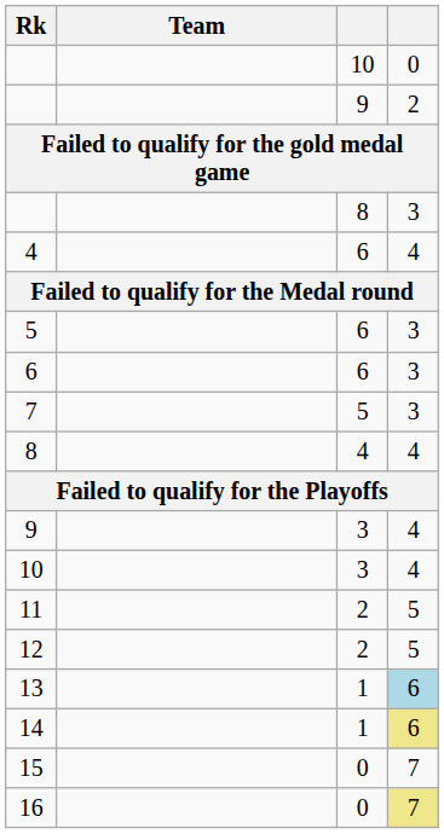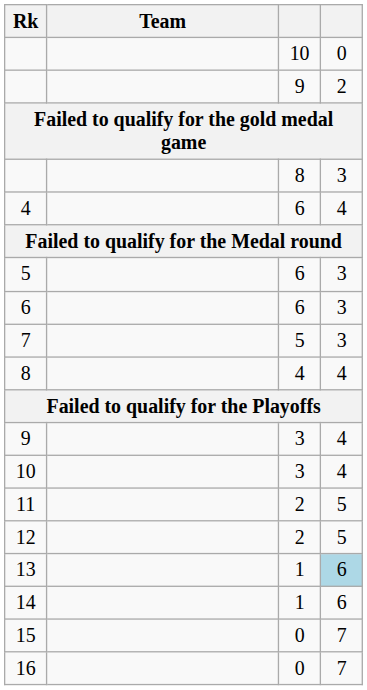 <table class=wikitable style="text-align:center; font-size:95%">
 <tr>
 <th width=25>Rk</th>
 <th width=170>Team</th>
 <th width=25></th>
 <th width=25></th>
 </tr>
 <tr>
 <td></td>
 <td align=left></td>
 <td>10</td>
 <td>0</td>
 </tr>
 <tr>
 <td></td>
 <td align=left></td>
 <td>9</td>
 <td>2</td>
 </tr>
 <tr>
 <th colspan="4">Failed to qualify for the gold medal game</th>
 </tr>
 <tr>
 <td></td>
 <td align=left></td>
 <td>8</td>
 <td>3</td>
 </tr>
 <tr>
 <td>4</td>
 <td align=left></td>
 <td>6</td>
 <td>4</td>
 </tr>
 <tr>
 <th colspan="4">Failed to qualify for the Medal round</th>
 </tr>
 <tr>
 <td>5</td>
 <td align=left></td>
 <td>6</td>
 <td>3</td>
 </tr>
 <tr>
 <td>6</td>
 <td align=left></td>
 <td>6</td>
 <td>3</td>
 </tr>
 <tr>
 <td>7</td>
 <td align=left></td>
 <td>5</td>
 <td>3</td>
 </tr>
 <tr>
 <td>8</td>
 <td align=left></td>
 <td>4</td>
 <td>4</td>
 </tr>
 <tr>
 <th colspan="4">Failed to qualify for the Playoffs</th>
 </tr>
 <tr>
 <td>9</td>
 <td align=left></td>
 <td>3</td>
 <td>4</td>
 </tr>
 <tr>
 <td>10</td>
 <td align=left></td>
 <td>3</td>
 <td>4</td>
 </tr>
 <tr>
 <td>11</td>
 <td align=left></td>
 <td>2</td>
 <td>5</td>
 </tr>
 <tr>
 <td>12</td>
 <td align=left></td>
 <td>2</td>
 <td>5</td>
 </tr>
 <tr>
 <td>13</td>
 <td align=left></td>
 <td>1</td>
 <td style="background: lightblue;">6</td>
 </tr>
 <tr>
 <td>14</td>
 <td align=left></td>
 <td>1</td>
-<td style="background: khaki;">6</td>
+<td>6</td>
 </tr>
 <tr>
 <td>15</td>
 <td align=left></td>
 <td>0</td>
 <td>7</td>
 </tr>
 <tr>
 <td>16</td>
 <td align=left></td>
 <td>0</td>
-<td style="background: khaki;">7</td>
+<td>7</td>
 </tr>
 </table>
